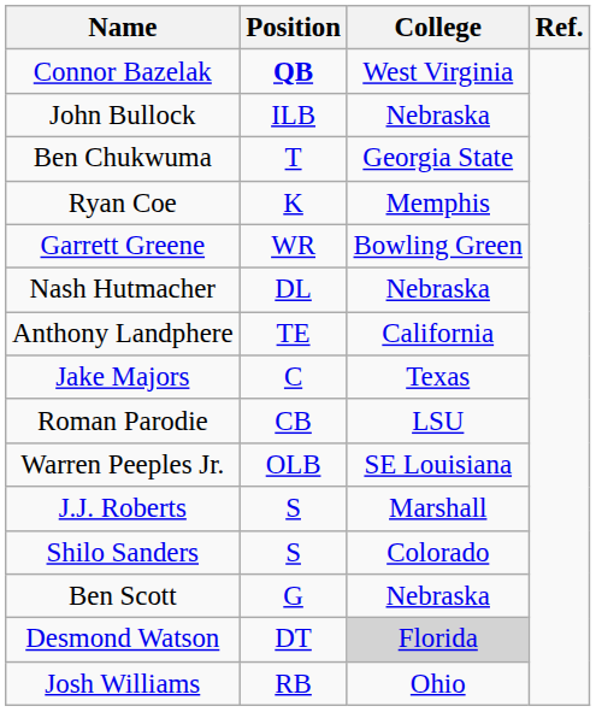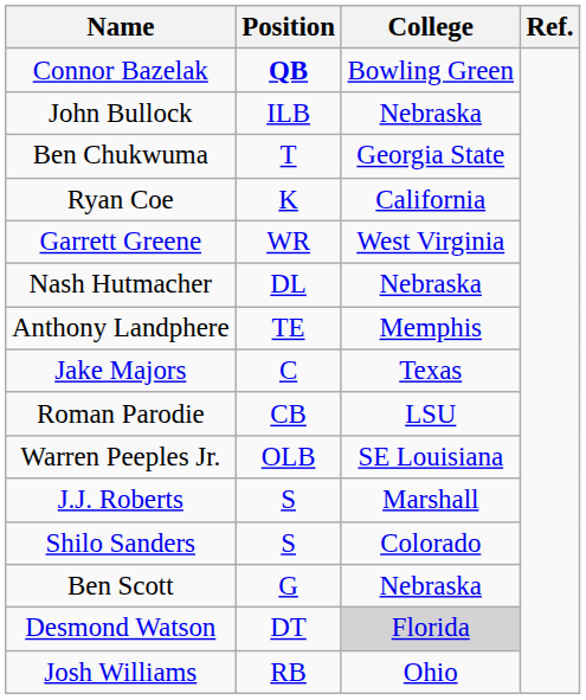 <table class="wikitable" style="text-align:center">
 <tr>
 <th>Name</th>
 <th>Position</th>
 <th>College</th>
 <th>Ref.</th>
 </tr>
 <tr>
 <td><a href='#'>Connor Bazelak</a></td>
 <td><strong><a href='#'>QB</a></strong></td>
-<td><a href='#'>West Virginia</a></td>
+<td><a href='#'>Bowling Green</a></td>
 <td rowspan="15"></td>
 </tr>
 <tr>
 <td>John Bullock</td>
 <td><a href='#'>ILB</a></td>
 <td><a href='#'>Nebraska</a></td>
 </tr>
 <tr>
 <td>Ben Chukwuma</td>
 <td><a href='#'>T</a></td>
 <td><a href='#'>Georgia State</a></td>
 </tr>
 <tr>
 <td>Ryan Coe</td>
 <td><a href='#'>K</a></td>
-<td><a href='#'>Memphis</a></td>
+<td><a href='#'>California</a></td>
 </tr>
 <tr>
 <td><a href='#'>Garrett Greene</a></td>
 <td><a href='#'>WR</a></td>
-<td><a href='#'>Bowling Green</a></td>
+<td><a href='#'>West Virginia</a></td>
 </tr>
 <tr>
 <td>Nash Hutmacher</td>
 <td><a href='#'>DL</a></td>
 <td><a href='#'>Nebraska</a></td>
 </tr>
 <tr>
 <td>Anthony Landphere</td>
 <td><a href='#'>TE</a></td>
-<td><a href='#'>California</a></td>
+<td><a href='#'>Memphis</a></td>
 </tr>
 <tr>
 <td><a href='#'>Jake Majors</a></td>
 <td><a href='#'>C</a></td>
 <td><a href='#'>Texas</a></td>
 </tr>
 <tr>
 <td>Roman Parodie</td>
 <td><a href='#'>CB</a></td>
 <td><a href='#'>LSU</a></td>
 </tr>
 <tr>
 <td>Warren Peeples Jr.</td>
 <td><a href='#'>OLB</a></td>
 <td><a href='#'>SE Louisiana</a></td>
 </tr>
 <tr>
 <td><a href='#'>J.J. Roberts</a></td>
 <td><a href='#'>S</a></td>
 <td><a href='#'>Marshall</a></td>
 </tr>
 <tr>
 <td><a href='#'>Shilo Sanders</a></td>
 <td><a href='#'>S</a></td>
 <td><a href='#'>Colorado</a></td>
 </tr>
 <tr>
 <td>Ben Scott</td>
 <td><a href='#'>G</a></td>
 <td><a href='#'>Nebraska</a></td>
 </tr>
 <tr>
 <td><a href='#'>Desmond Watson</a></td>
 <td><a href='#'>DT</a></td>
 <td style="background: lightgrey;"><a href='#'>Florida</a></td>
 </tr>
 <tr>
 <td><a href='#'>Josh Williams</a></td>
 <td><a href='#'>RB</a></td>
 <td><a href='#'>Ohio</a></td>
 </tr>
 </table>
